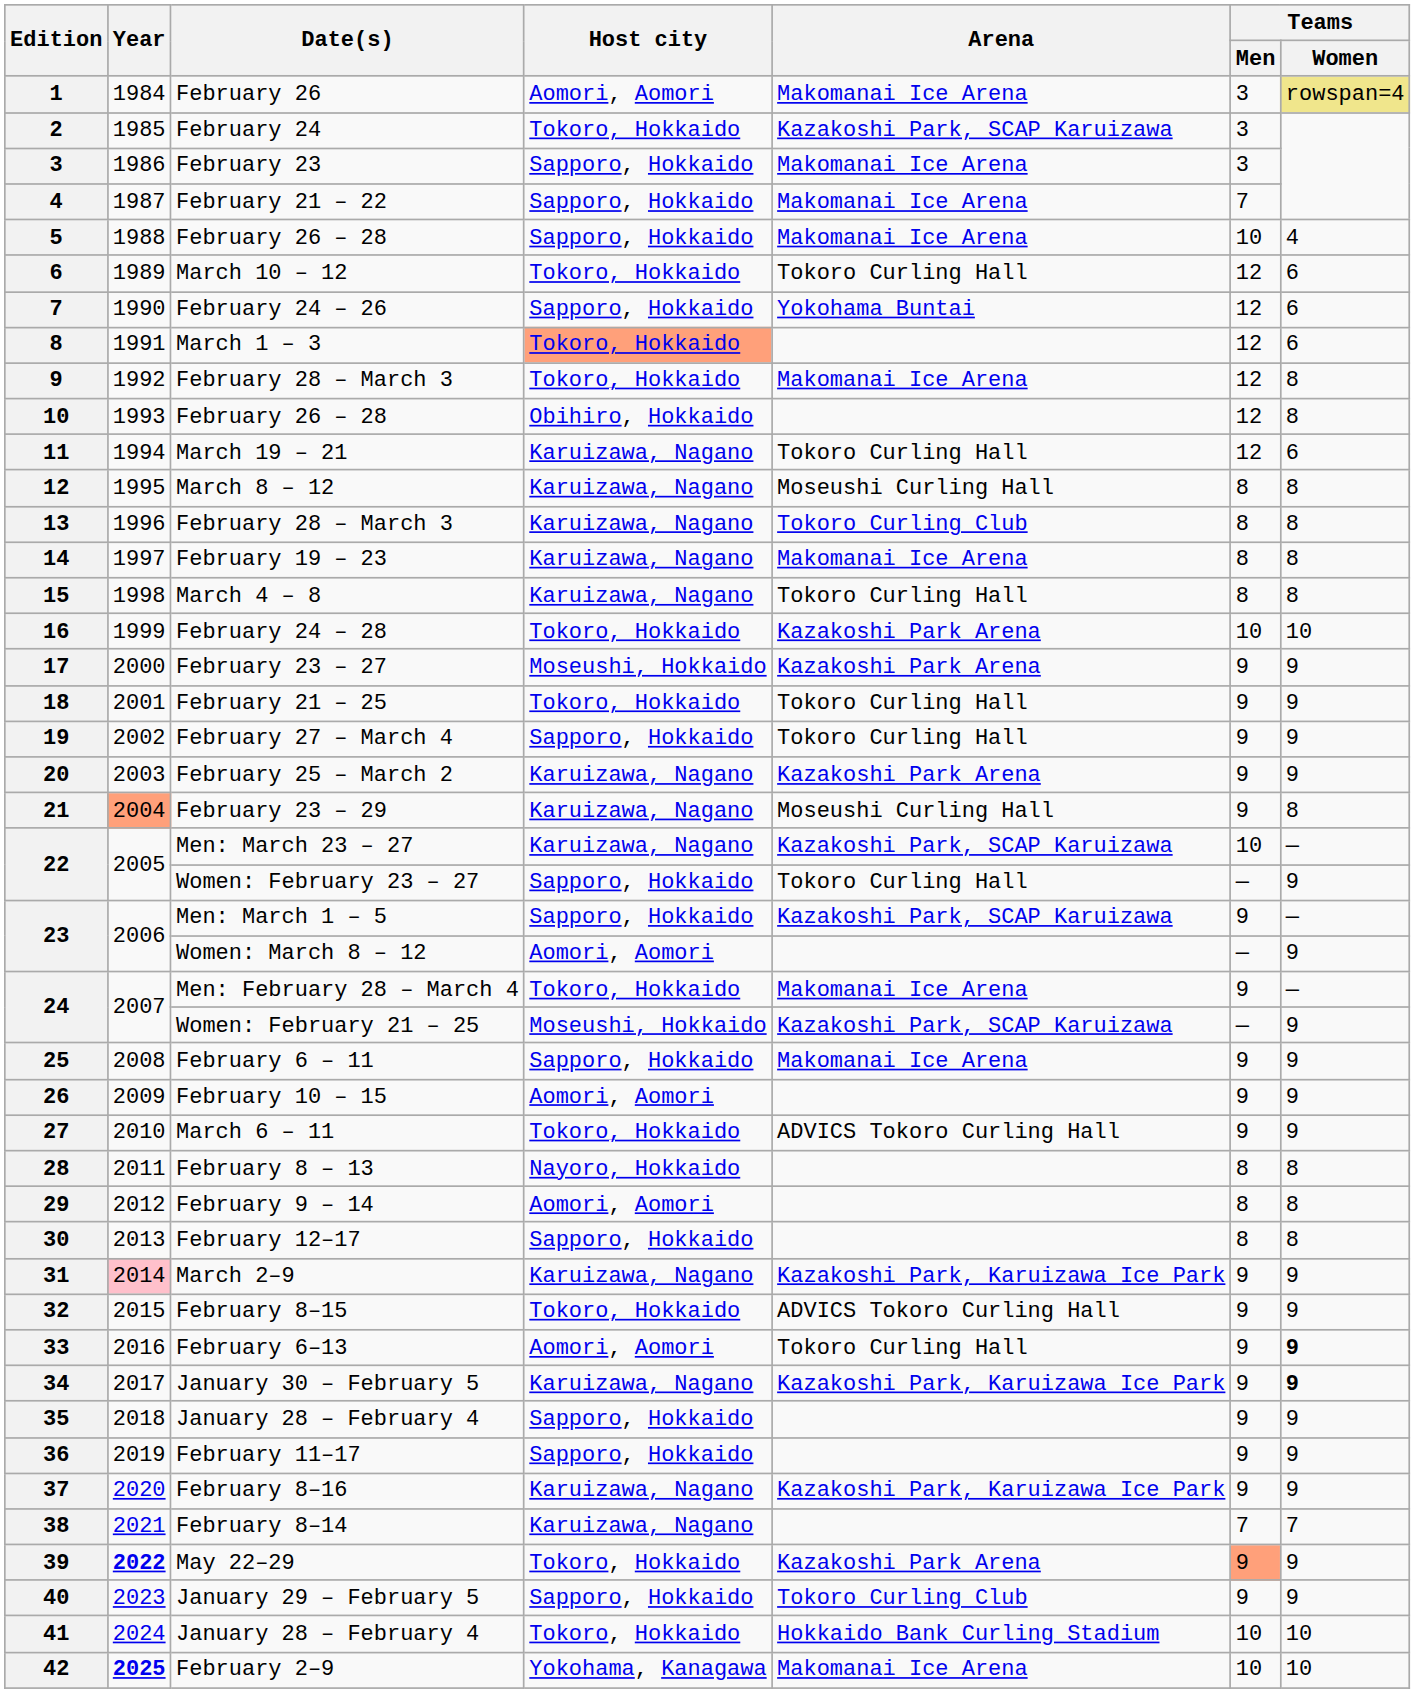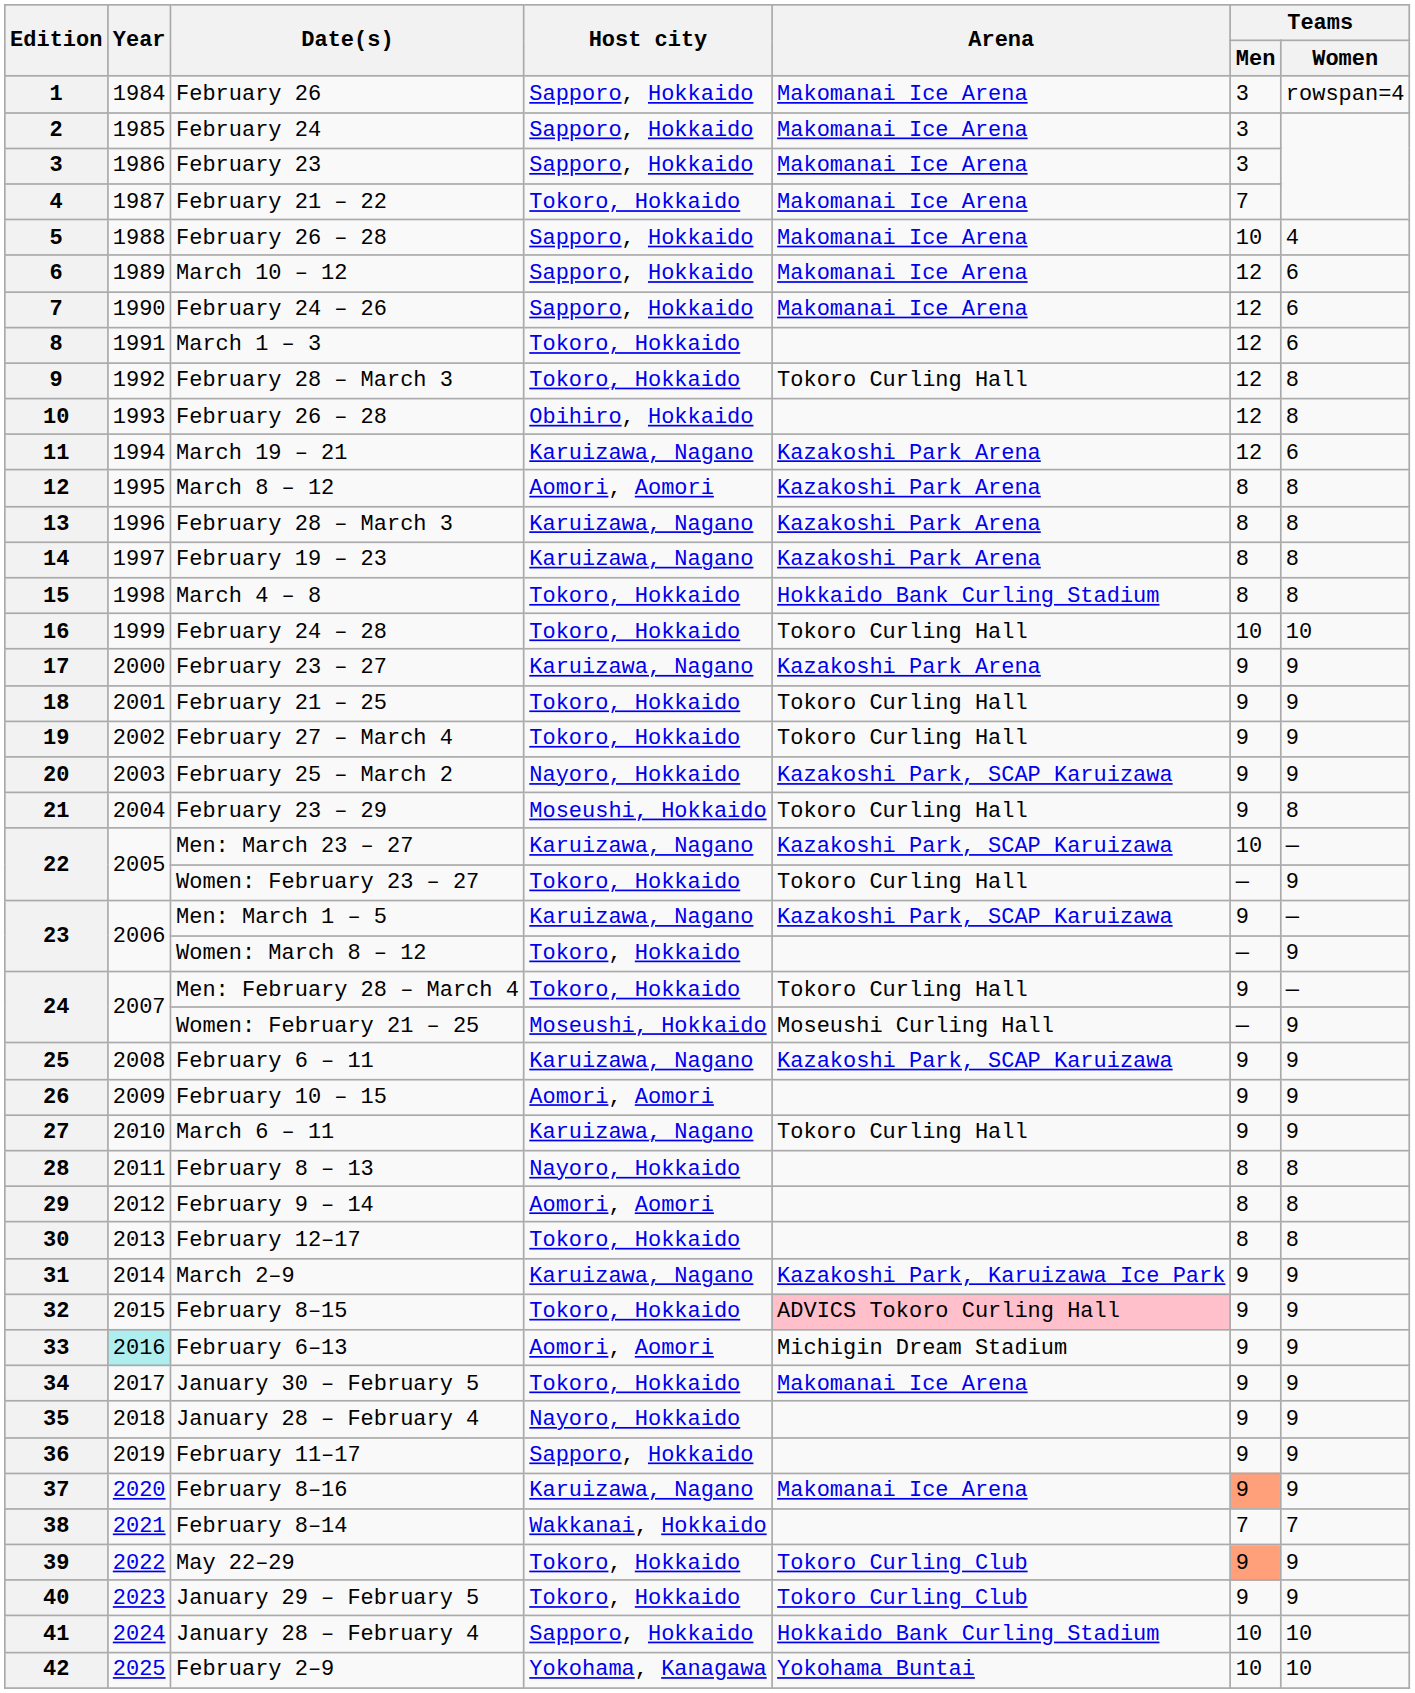 <table class="wikitable">
 <tr>
 <th rowspan=2>Edition</th>
 <th rowspan=2>Year</th>
 <th rowspan=2>Date(s)</th>
 <th rowspan=2>Host city</th>
 <th rowspan=2>Arena</th>
 <th colspan=2>Teams</th>
 </tr>
 <tr>
 <th>Men</th>
 <th>Women</th>
 </tr>
 <tr>
 <th>1</th>
 <td>1984</td>
 <td>February 26</td>
-<td><a href='#'>Aomori</a>, <a href='#'>Aomori</a></td>
+<td><a href='#'>Sapporo</a>, <a href='#'>Hokkaido</a></td>
 <td><a href='#'>Makomanai Ice Arena</a></td>
 <td>3</td>
-<td style="background: khaki;">rowspan=4 </td>
+<td>rowspan=4 </td>
 </tr>
 <tr>
 <th>2</th>
 <td>1985</td>
 <td>February 24</td>
-<td><a href='#'>Tokoro, Hokkaido</a></td>
-<td><a href='#'>Kazakoshi Park, SCAP Karuizawa</a></td>
+<td><a href='#'>Sapporo</a>, <a href='#'>Hokkaido</a></td>
+<td><a href='#'>Makomanai Ice Arena</a></td>
 <td>3</td>
 </tr>
 <tr>
 <th>3</th>
 <td>1986</td>
 <td>February 23</td>
 <td><a href='#'>Sapporo</a>, <a href='#'>Hokkaido</a></td>
 <td><a href='#'>Makomanai Ice Arena</a></td>
 <td>3</td>
 </tr>
 <tr>
 <th>4</th>
 <td>1987</td>
 <td>February 21 – 22</td>
-<td><a href='#'>Sapporo</a>, <a href='#'>Hokkaido</a></td>
+<td><a href='#'>Tokoro, Hokkaido</a></td>
 <td><a href='#'>Makomanai Ice Arena</a></td>
 <td>7</td>
 </tr>
 <tr>
 <th>5</th>
 <td>1988</td>
 <td>February 26 – 28</td>
 <td><a href='#'>Sapporo</a>, <a href='#'>Hokkaido</a></td>
 <td><a href='#'>Makomanai Ice Arena</a></td>
 <td>10</td>
 <td>4</td>
 </tr>
 <tr>
 <th>6</th>
 <td>1989</td>
 <td>March 10 – 12</td>
-<td><a href='#'>Tokoro, Hokkaido</a></td>
-<td>Tokoro Curling Hall</td>
+<td><a href='#'>Sapporo</a>, <a href='#'>Hokkaido</a></td>
+<td><a href='#'>Makomanai Ice Arena</a></td>
 <td>12</td>
 <td>6</td>
 </tr>
 <tr>
 <th>7</th>
 <td>1990</td>
 <td>February 24 – 26</td>
 <td><a href='#'>Sapporo</a>, <a href='#'>Hokkaido</a></td>
-<td><a href='#'>Yokohama Buntai</a></td>
+<td><a href='#'>Makomanai Ice Arena</a></td>
 <td>12</td>
 <td>6</td>
 </tr>
 <tr>
 <th>8</th>
 <td>1991</td>
 <td>March 1 – 3</td>
-<td style="background: lightsalmon;"><a href='#'>Tokoro, Hokkaido</a></td>
+<td><a href='#'>Tokoro, Hokkaido</a></td>
 <td></td>
 <td>12</td>
 <td>6</td>
 </tr>
 <tr>
 <th>9</th>
 <td>1992</td>
 <td>February 28 – March 3</td>
 <td><a href='#'>Tokoro, Hokkaido</a></td>
-<td><a href='#'>Makomanai Ice Arena</a></td>
+<td>Tokoro Curling Hall</td>
 <td>12</td>
 <td>8</td>
 </tr>
 <tr>
 <th>10</th>
 <td>1993</td>
 <td>February 26 – 28</td>
 <td><a href='#'>Obihiro</a>, <a href='#'>Hokkaido</a></td>
 <td></td>
 <td>12</td>
 <td>8</td>
 </tr>
 <tr>
 <th>11</th>
 <td>1994</td>
 <td>March 19 – 21</td>
 <td><a href='#'>Karuizawa, Nagano</a></td>
-<td>Tokoro Curling Hall</td>
+<td><a href='#'>Kazakoshi Park Arena</a></td>
 <td>12</td>
 <td>6</td>
 </tr>
 <tr>
 <th>12</th>
 <td>1995</td>
 <td>March 8 – 12</td>
-<td><a href='#'>Karuizawa, Nagano</a></td>
-<td>Moseushi Curling Hall</td>
+<td><a href='#'>Aomori</a>, <a href='#'>Aomori</a></td>
+<td><a href='#'>Kazakoshi Park Arena</a></td>
 <td>8</td>
 <td>8</td>
 </tr>
 <tr>
 <th>13</th>
 <td>1996</td>
 <td>February 28 – March 3</td>
 <td><a href='#'>Karuizawa, Nagano</a></td>
-<td><a href='#'>Tokoro Curling Club</a></td>
+<td><a href='#'>Kazakoshi Park Arena</a></td>
 <td>8</td>
 <td>8</td>
 </tr>
 <tr>
 <th>14</th>
 <td>1997</td>
 <td>February 19 – 23</td>
 <td><a href='#'>Karuizawa, Nagano</a></td>
-<td><a href='#'>Makomanai Ice Arena</a></td>
+<td><a href='#'>Kazakoshi Park Arena</a></td>
 <td>8</td>
 <td>8</td>
 </tr>
 <tr>
 <th>15</th>
 <td>1998</td>
 <td>March 4 – 8</td>
-<td><a href='#'>Karuizawa, Nagano</a></td>
-<td>Tokoro Curling Hall</td>
+<td><a href='#'>Tokoro, Hokkaido</a></td>
+<td><a href='#'>Hokkaido Bank Curling Stadium</a></td>
 <td>8</td>
 <td>8</td>
 </tr>
 <tr>
 <th>16</th>
 <td>1999</td>
 <td>February 24 – 28</td>
 <td><a href='#'>Tokoro, Hokkaido</a></td>
-<td><a href='#'>Kazakoshi Park Arena</a></td>
+<td>Tokoro Curling Hall</td>
 <td>10</td>
 <td>10</td>
 </tr>
 <tr>
 <th>17</th>
 <td>2000</td>
 <td>February 23 – 27</td>
-<td><a href='#'>Moseushi, Hokkaido</a></td>
+<td><a href='#'>Karuizawa, Nagano</a></td>
 <td><a href='#'>Kazakoshi Park Arena</a></td>
 <td>9</td>
 <td>9</td>
 </tr>
 <tr>
 <th>18</th>
 <td>2001</td>
 <td>February 21 – 25</td>
 <td><a href='#'>Tokoro, Hokkaido</a></td>
 <td>Tokoro Curling Hall</td>
 <td>9</td>
 <td>9</td>
 </tr>
 <tr>
 <th>19</th>
 <td>2002</td>
 <td>February 27 – March 4</td>
-<td><a href='#'>Sapporo</a>, <a href='#'>Hokkaido</a></td>
+<td><a href='#'>Tokoro, Hokkaido</a></td>
 <td>Tokoro Curling Hall</td>
 <td>9</td>
 <td>9</td>
 </tr>
 <tr>
 <th>20</th>
 <td>2003</td>
 <td>February 25 – March 2</td>
-<td><a href='#'>Karuizawa, Nagano</a></td>
-<td><a href='#'>Kazakoshi Park Arena</a></td>
+<td><a href='#'>Nayoro, Hokkaido</a></td>
+<td><a href='#'>Kazakoshi Park, SCAP Karuizawa</a></td>
 <td>9</td>
 <td>9</td>
 </tr>
 <tr>
 <th>21</th>
-<td style="background: lightsalmon;">2004</td>
+<td>2004</td>
 <td>February 23 – 29</td>
-<td><a href='#'>Karuizawa, Nagano</a></td>
-<td>Moseushi Curling Hall</td>
+<td><a href='#'>Moseushi, Hokkaido</a></td>
+<td>Tokoro Curling Hall</td>
 <td>9</td>
 <td>8</td>
 </tr>
 <tr>
 <th rowspan=2>22</th>
 <td rowspan=2>2005</td>
 <td>Men: March 23 – 27</td>
 <td><a href='#'>Karuizawa, Nagano</a></td>
 <td><a href='#'>Kazakoshi Park, SCAP Karuizawa</a></td>
 <td>10</td>
 <td>—</td>
 </tr>
 <tr>
 <td>Women: February 23 – 27</td>
-<td><a href='#'>Sapporo</a>, <a href='#'>Hokkaido</a></td>
+<td><a href='#'>Tokoro, Hokkaido</a></td>
 <td>Tokoro Curling Hall</td>
 <td>—</td>
 <td>9</td>
 </tr>
 <tr>
 <th rowspan=2>23</th>
 <td rowspan=2>2006</td>
 <td>Men: March 1 – 5</td>
-<td><a href='#'>Sapporo</a>, <a href='#'>Hokkaido</a></td>
+<td><a href='#'>Karuizawa, Nagano</a></td>
 <td><a href='#'>Kazakoshi Park, SCAP Karuizawa</a></td>
 <td>9</td>
 <td>—</td>
 </tr>
 <tr>
 <td>Women: March 8 – 12</td>
-<td><a href='#'>Aomori</a>, <a href='#'>Aomori</a></td>
+<td><a href='#'>Tokoro</a>, <a href='#'>Hokkaido</a></td>
 <td></td>
 <td>—</td>
 <td>9</td>
 </tr>
 <tr>
 <th rowspan=2>24</th>
 <td rowspan=2>2007</td>
 <td>Men: February 28 – March 4</td>
 <td><a href='#'>Tokoro, Hokkaido</a></td>
-<td><a href='#'>Makomanai Ice Arena</a></td>
+<td>Tokoro Curling Hall</td>
 <td>9</td>
 <td>—</td>
 </tr>
 <tr>
 <td>Women: February 21 – 25</td>
 <td><a href='#'>Moseushi, Hokkaido</a></td>
-<td><a href='#'>Kazakoshi Park, SCAP Karuizawa</a></td>
+<td>Moseushi Curling Hall</td>
 <td>—</td>
 <td>9</td>
 </tr>
 <tr>
 <th>25</th>
 <td>2008</td>
 <td>February 6 – 11</td>
-<td><a href='#'>Sapporo</a>, <a href='#'>Hokkaido</a></td>
-<td><a href='#'>Makomanai Ice Arena</a></td>
+<td><a href='#'>Karuizawa, Nagano</a></td>
+<td><a href='#'>Kazakoshi Park, SCAP Karuizawa</a></td>
 <td>9</td>
 <td>9</td>
 </tr>
 <tr>
 <th>26</th>
 <td>2009</td>
 <td>February 10 – 15</td>
 <td><a href='#'>Aomori</a>, <a href='#'>Aomori</a></td>
 <td></td>
 <td>9</td>
 <td>9</td>
 </tr>
 <tr>
 <th>27</th>
 <td>2010</td>
 <td>March 6 – 11</td>
-<td><a href='#'>Tokoro, Hokkaido</a></td>
-<td>ADVICS Tokoro Curling Hall</td>
+<td><a href='#'>Karuizawa, Nagano</a></td>
+<td>Tokoro Curling Hall</td>
 <td>9</td>
 <td>9</td>
 </tr>
 <tr>
 <th>28</th>
 <td>2011</td>
 <td>February 8 – 13</td>
 <td><a href='#'>Nayoro, Hokkaido</a></td>
 <td></td>
 <td>8</td>
 <td>8</td>
 </tr>
 <tr>
 <th>29</th>
 <td>2012</td>
 <td>February 9 – 14</td>
 <td><a href='#'>Aomori</a>, <a href='#'>Aomori</a></td>
 <td></td>
 <td>8</td>
 <td>8</td>
 </tr>
 <tr>
 <th>30</th>
 <td>2013</td>
 <td>February 12–17</td>
-<td><a href='#'>Sapporo</a>, <a href='#'>Hokkaido</a></td>
+<td><a href='#'>Tokoro, Hokkaido</a></td>
 <td></td>
 <td>8</td>
 <td>8</td>
 </tr>
 <tr>
 <th>31</th>
-<td style="background: pink;">2014</td>
+<td>2014</td>
 <td>March 2–9</td>
 <td><a href='#'>Karuizawa, Nagano</a></td>
 <td><a href='#'>Kazakoshi Park, Karuizawa Ice Park</a></td>
 <td>9</td>
 <td>9</td>
 </tr>
 <tr>
 <th>32</th>
 <td>2015</td>
 <td>February 8–15</td>
 <td><a href='#'>Tokoro, Hokkaido</a></td>
-<td>ADVICS Tokoro Curling Hall</td>
+<td style="background: pink;">ADVICS Tokoro Curling Hall</td>
 <td>9</td>
 <td>9</td>
 </tr>
 <tr>
 <th>33</th>
-<td>2016</td>
+<td style="background: paleturquoise;">2016</td>
 <td>February 6–13</td>
 <td><a href='#'>Aomori</a>, <a href='#'>Aomori</a></td>
-<td>Tokoro Curling Hall</td>
+<td>Michigin Dream Stadium</td>
 <td>9</td>
-<td><strong>9</strong></td>
+<td>9</td>
 </tr>
 <tr>
 <th>34</th>
 <td>2017</td>
 <td>January 30 – February 5</td>
-<td><a href='#'>Karuizawa, Nagano</a></td>
-<td><a href='#'>Kazakoshi Park, Karuizawa Ice Park</a></td>
+<td><a href='#'>Tokoro, Hokkaido</a></td>
+<td><a href='#'>Makomanai Ice Arena</a></td>
 <td>9</td>
-<td><strong>9</strong></td>
+<td>9</td>
 </tr>
 <tr>
 <th>35</th>
 <td>2018</td>
 <td>January 28 – February 4</td>
-<td><a href='#'>Sapporo</a>, <a href='#'>Hokkaido</a></td>
+<td><a href='#'>Nayoro, Hokkaido</a></td>
 <td></td>
 <td>9</td>
 <td>9</td>
 </tr>
 <tr>
 <th>36</th>
 <td>2019</td>
 <td>February 11–17</td>
 <td><a href='#'>Sapporo</a>, <a href='#'>Hokkaido</a></td>
 <td></td>
 <td>9</td>
 <td>9</td>
 </tr>
 <tr>
 <th>37</th>
 <td><a href='#'>2020</a></td>
 <td>February 8–16</td>
 <td><a href='#'>Karuizawa, Nagano</a></td>
-<td><a href='#'>Kazakoshi Park, Karuizawa Ice Park</a></td>
-<td>9</td>
+<td><a href='#'>Makomanai Ice Arena</a></td>
+<td style="background: lightsalmon;">9</td>
 <td>9</td>
 </tr>
 <tr>
 <th>38</th>
 <td><a href='#'>2021</a></td>
 <td>February 8–14</td>
-<td><a href='#'>Karuizawa, Nagano</a></td>
+<td><a href='#'>Wakkanai</a>, <a href='#'>Hokkaido</a></td>
 <td></td>
 <td>7</td>
 <td>7</td>
 </tr>
 <tr>
 <th>39</th>
-<td><strong><a href='#'>2022</a></strong></td>
+<td><a href='#'>2022</a></td>
 <td>May 22–29</td>
 <td><a href='#'>Tokoro</a>, <a href='#'>Hokkaido</a></td>
-<td><a href='#'>Kazakoshi Park Arena</a></td>
+<td><a href='#'>Tokoro Curling Club</a></td>
 <td style="background: lightsalmon;">9</td>
 <td>9</td>
 </tr>
 <tr>
 <th>40</th>
 <td><a href='#'>2023</a></td>
 <td>January 29 – February 5</td>
-<td><a href='#'>Sapporo</a>, <a href='#'>Hokkaido</a></td>
+<td><a href='#'>Tokoro</a>, <a href='#'>Hokkaido</a></td>
 <td><a href='#'>Tokoro Curling Club</a></td>
 <td>9</td>
 <td>9</td>
 </tr>
 <tr>
 <th>41</th>
 <td><a href='#'>2024</a></td>
 <td>January 28 – February 4</td>
-<td><a href='#'>Tokoro</a>, <a href='#'>Hokkaido</a></td>
+<td><a href='#'>Sapporo</a>, <a href='#'>Hokkaido</a></td>
 <td><a href='#'>Hokkaido Bank Curling Stadium</a></td>
 <td>10</td>
 <td>10</td>
 </tr>
 <tr>
 <th>42</th>
-<td><strong><a href='#'>2025</a></strong></td>
+<td><a href='#'>2025</a></td>
 <td>February 2–9</td>
 <td><a href='#'>Yokohama</a>, <a href='#'>Kanagawa</a></td>
-<td><a href='#'>Makomanai Ice Arena</a></td>
+<td><a href='#'>Yokohama Buntai</a></td>
 <td>10</td>
 <td>10</td>
 </tr>
 </table>
